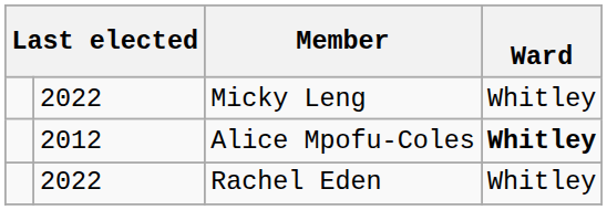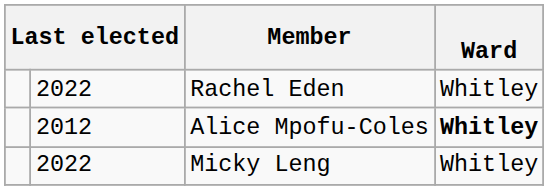 <table class="wikitable">
 <tr>
 <th colspan="2">Last elected</th>
 <th>Member</th>
 <th><br>Ward</th>
 </tr>
 <tr>
 <td style="background-color: "></td>
 <td>2022</td>
-<td>Micky Leng</td>
+<td>Rachel Eden</td>
 <td>Whitley</td>
 </tr>
 <tr>
 <td style="background-color: "></td>
 <td>2012</td>
 <td>Alice Mpofu-Coles</td>
 <td><strong>Whitley</strong></td>
 </tr>
 <tr>
 <td style="background-color: "></td>
 <td>2022</td>
-<td>Rachel Eden</td>
+<td>Micky Leng</td>
 <td>Whitley</td>
 </tr>
 </table>
